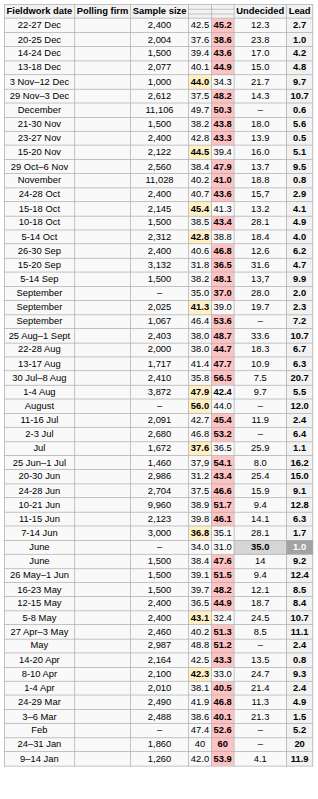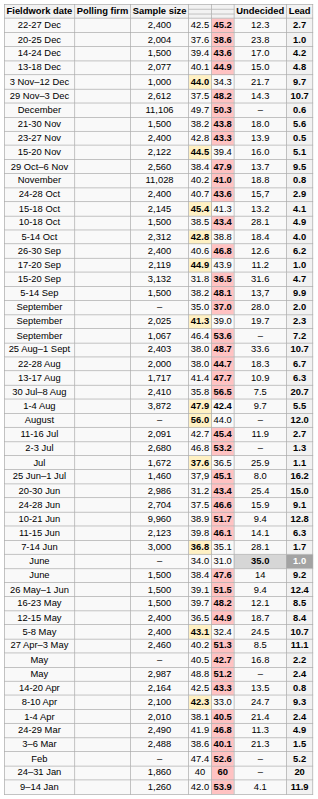 <table class="wikitable mw-datatable mw-collapsible mw-collapsed" style="text-align:center; font-size:85%; line-height:14px;">
 <tr>
 <th rowspan="3">Fieldwork date</th>
 <th rowspan="3">Polling firm</th>
 <th rowspan="3">Sample size</th>
 <th></th>
 <th></th>
 <th rowspan="3">Undecided</th>
 <th rowspan="3">Lead</th>
 </tr>
 <tr>
 <th></th>
 <th></th>
 </tr>
 <tr>
 <th style="background:"></th>
 <th style="background:"></th>
 </tr>
 <tr>
 <td>22-27 Dec</td>
 <td></td>
 <td>2,400</td>
 <td>42.5</td>
 <td style="background:#FFC2C2"><strong>45.2</strong></td>
 <td>12.3</td>
 <th style="background:">2.7</th>
 </tr>
 <tr>
 <td>20-25 Dec</td>
 <td></td>
 <td>2,004</td>
 <td>37.6</td>
 <td style="background:#FFC2C2"><strong>38.6</strong></td>
 <td>23.8</td>
 <th style="background:">1.0</th>
 </tr>
 <tr>
 <td>14-24 Dec</td>
 <td></td>
 <td>1,500</td>
 <td>39.4</td>
 <td style="background:#FFC2C2"><strong>43.6</strong></td>
 <td>17.0</td>
 <th style="background:">4.2</th>
 </tr>
 <tr>
 <td>13-18 Dec</td>
 <td></td>
 <td>2,077</td>
 <td>40.1</td>
 <td style="background:#FFC2C2"><strong>44.9</strong></td>
 <td>15.0</td>
 <th style="background:">4.8</th>
 </tr>
 <tr>
 <td>3 Nov–12 Dec</td>
 <td></td>
 <td>1,000</td>
 <td style="background:#FFF1C4"><strong>44.0</strong></td>
 <td>34.3</td>
 <td>21.7</td>
 <th style="background:">9.7</th>
 </tr>
 <tr>
 <td>29 Nov–3 Dec</td>
 <td></td>
 <td>2,612</td>
 <td>37.5</td>
 <td style="background:#FFC2C2"><strong>48.2</strong></td>
 <td>14.3</td>
 <th style="background:">10.7</th>
 </tr>
 <tr>
 <td>December</td>
 <td></td>
 <td>11,106</td>
 <td>49.7</td>
 <td style="background:#FFC2C2"><strong>50.3</strong></td>
 <td>–</td>
 <th style="background:">0.6</th>
 </tr>
 <tr>
 <td>21-30 Nov</td>
 <td></td>
 <td>1,500</td>
 <td>38.2</td>
 <td style="background:#FFC2C2"><strong>43.8</strong></td>
 <td>18.0</td>
 <th style="background:">5.6</th>
 </tr>
 <tr>
 <td>23-27 Nov</td>
 <td></td>
 <td>2,400</td>
 <td>42.8</td>
 <td style="background:#FFC2C2"><strong>43.3</strong></td>
 <td>13.9</td>
 <th style="background:">0.5</th>
 </tr>
 <tr>
 <td>15-20 Nov</td>
 <td></td>
 <td>2,122</td>
 <td style="background:#FFF1C4"><strong>44.5</strong></td>
 <td>39.4</td>
 <td>16.0</td>
 <th style="background:">5.1</th>
 </tr>
 <tr>
 <td>29 Oct–6 Nov</td>
 <td></td>
 <td>2,560</td>
 <td>38.4</td>
 <td style="background:#FFC2C2"><strong>47.9</strong></td>
 <td>13.7</td>
 <th style="background:">9.5</th>
 </tr>
 <tr>
 <td>November</td>
 <td></td>
 <td>11,028</td>
 <td>40.2</td>
 <td style="background:#FFC2C2"><strong>41.0</strong></td>
 <td>18.8</td>
 <th style="background:">0.8</th>
 </tr>
 <tr>
 <td>24-28 Oct</td>
 <td></td>
 <td>2,400</td>
 <td>40.7</td>
 <td style="background:#FFC2C2"><strong>43.6</strong></td>
 <td>15,7</td>
 <th style="background:">2.9</th>
 </tr>
 <tr>
 <td>15-18 Oct</td>
 <td></td>
 <td>2,145</td>
 <td style="background:#FFF1C4"><strong>45.4</strong></td>
 <td>41.3</td>
 <td>13.2</td>
 <th style="background:">4.1</th>
 </tr>
 <tr>
 <td>10-18 Oct</td>
 <td></td>
 <td>1,500</td>
 <td>38.5</td>
 <td style="background:#FFC2C2"><strong>43.4</strong></td>
 <td>28.1</td>
 <th style="background:">4.9</th>
 </tr>
 <tr>
 <td>5-14 Oct</td>
 <td></td>
 <td>2,312</td>
 <td style="background:#FFF1C4"><strong>42.8</strong></td>
 <td>38.8</td>
 <td>18.4</td>
 <th style="background:">4.0</th>
 </tr>
 <tr>
 <td>26-30 Sep</td>
 <td></td>
 <td>2,400</td>
 <td>40.6</td>
 <td style="background:#FFC2C2"><strong>46.8</strong></td>
 <td>12.6</td>
 <th style="background:">6.2</th>
 </tr>
 <tr>
+<td>17-20 Sep</td>
+<td></td>
+<td>2,119</td>
+<td style="background:#FFF1C4"><strong>44.9</strong></td>
+<td>43.9</td>
+<td>11.2</td>
+<th style="background:">1.0</th>
+</tr>
+<tr>
 <td>15-20 Sep</td>
 <td></td>
 <td>3,132</td>
 <td>31.8</td>
 <td style="background:#FFC2C2"><strong>36.5</strong></td>
 <td>31.6</td>
 <th style="background:">4.7</th>
 </tr>
 <tr>
 <td>5-14 Sep</td>
 <td></td>
 <td>1,500</td>
 <td>38.2</td>
 <td style="background:#FFC2C2"><strong>48.1</strong></td>
 <td>13,7</td>
 <th style="background:">9.9</th>
 </tr>
 <tr>
 <td>September</td>
 <td></td>
 <td>–</td>
 <td>35.0</td>
 <td style="background:#FFC2C2"><strong>37.0</strong></td>
 <td>28.0</td>
 <th style="background:">2.0</th>
 </tr>
 <tr>
 <td>September</td>
 <td></td>
 <td>2,025</td>
 <td style="background:#FFF1C4"><strong>41.3</strong></td>
 <td>39.0</td>
 <td>19.7</td>
 <th style="background:">2.3</th>
 </tr>
 <tr>
 <td>September</td>
 <td></td>
 <td>1,067</td>
 <td>46.4</td>
 <td style="background:#FFC2C2"><strong>53.6</strong></td>
 <td>–</td>
 <th style="background:">7.2</th>
 </tr>
 <tr>
 <td>25 Aug–1 Sept</td>
 <td></td>
 <td>2,403</td>
 <td>38.0</td>
 <td style="background:#FFC2C2"><strong>48.7</strong></td>
 <td>33.6</td>
 <th style="background:">10.7</th>
 </tr>
 <tr>
 <td>22-28 Aug</td>
 <td></td>
 <td>2,000</td>
 <td>38.0</td>
 <td style="background:#FFC2C2"><strong>44.7</strong></td>
 <td>18.3</td>
 <th style="background:">6.7</th>
 </tr>
 <tr>
 <td>13-17 Aug</td>
 <td></td>
 <td>1,717</td>
 <td>41.4</td>
 <td style="background:#FFC2C2"><strong>47.7</strong></td>
 <td>10.9</td>
 <th style="background:">6.3</th>
 </tr>
 <tr>
 <td>30 Jul–8 Aug</td>
 <td></td>
 <td>2,410</td>
 <td>35.8</td>
 <td style="background:#FFC2C2"><strong>56.5</strong></td>
 <td>7.5</td>
 <th style="background:">20.7</th>
 </tr>
 <tr>
 <td>1-4 Aug</td>
 <td></td>
 <td>3,872</td>
 <td style="background:#FFF1C4"><strong>47.9</strong></td>
 <td><strong>42.4</strong></td>
 <td>9.7</td>
 <th style="background:">5.5</th>
 </tr>
 <tr>
 <td>August</td>
 <td></td>
 <td>–</td>
 <td style="background:#FFF1C4"><strong>56.0</strong></td>
 <td>44.0</td>
 <td>–</td>
 <th style="background:">12.0</th>
 </tr>
 <tr>
 <td>11-16 Jul</td>
 <td></td>
 <td>2,091</td>
 <td>42.7</td>
 <td style="background:#FFC2C2"><strong>45.4</strong></td>
 <td>11.9</td>
-<th style="background:">2.4</th>
+<th style="background:">2.7</th>
 </tr>
 <tr>
 <td>2-3 Jul</td>
 <td></td>
 <td>2,680</td>
 <td>46.8</td>
 <td style="background:#FFC2C2"><strong>53.2</strong></td>
 <td>–</td>
-<th style="background:">6.4</th>
+<th style="background:">1.3</th>
 </tr>
 <tr>
 <td>Jul</td>
 <td></td>
 <td>1,672</td>
 <td style="background:#FFF1C4"><strong>37.6</strong></td>
 <td>36.5</td>
 <td>25.9</td>
 <th style="background:">1.1</th>
 </tr>
 <tr>
 <td>25 Jun–1 Jul</td>
 <td></td>
 <td>1,460</td>
 <td>37,9</td>
-<td style="background:#FFC2C2"><strong>54.1</strong></td>
+<td style="background:#FFC2C2"><strong>45.1</strong></td>
 <td>8.0</td>
 <th style="background:">16.2</th>
 </tr>
 <tr>
 <td>20-30 Jun</td>
 <td></td>
 <td>2,986</td>
 <td>31.2</td>
 <td style="background:#FFC2C2"><strong>43.4</strong></td>
 <td>25.4</td>
 <th style="background:">15.0</th>
 </tr>
 <tr>
 <td>24-28 Jun</td>
 <td></td>
 <td>2,704</td>
 <td>37.5</td>
 <td style="background:#FFC2C2"><strong>46.6</strong></td>
 <td>15.9</td>
 <th style="background:">9.1</th>
 </tr>
 <tr>
 <td>10-21 Jun</td>
 <td></td>
 <td>9,960</td>
 <td>38.9</td>
 <td style="background:#FFC2C2"><strong>51.7</strong></td>
 <td>9.4</td>
 <th style="background:">12.8</th>
 </tr>
 <tr>
 <td>11-15 Jun</td>
 <td></td>
 <td>2,123</td>
 <td>39.8</td>
 <td style="background:#FFC2C2"><strong>46.1</strong></td>
 <td>14.1</td>
 <th style="background:">6.3</th>
 </tr>
 <tr>
 <td>7-14 Jun</td>
 <td></td>
 <td>3,000</td>
 <td style="background:#FFF1C4"><strong>36.8</strong></td>
 <td>35.1</td>
 <td>28.1</td>
 <th style="background:">1.7</th>
 </tr>
 <tr>
 <td>June</td>
 <td></td>
 <td>–</td>
 <td>34.0</td>
 <td>31.0</td>
 <td style="background:#D6D6D6"><strong>35.0</strong></td>
 <th style="background:#A3A3A3; color:white;">1.0</th>
 </tr>
 <tr>
 <td>June</td>
 <td></td>
 <td>1,500</td>
 <td>38.4</td>
 <td style="background:#FFC2C2"><strong>47.6</strong></td>
 <td>14</td>
 <th style="background:">9.2</th>
 </tr>
 <tr>
 <td>26 May–1 Jun</td>
 <td></td>
 <td>1,500</td>
 <td>39.1</td>
 <td style="background:#FFC2C2"><strong>51.5</strong></td>
 <td>9.4</td>
 <th style="background:">12.4</th>
 </tr>
 <tr>
 <td>16-23 May</td>
 <td></td>
 <td>1,500</td>
 <td>39.7</td>
 <td style="background:#FFC2C2"><strong>48.2</strong></td>
 <td>12.1</td>
 <th style="background:">8.5</th>
 </tr>
 <tr>
 <td>12-15 May</td>
 <td></td>
 <td>2,400</td>
 <td>36.5</td>
 <td style="background:#FFC2C2"><strong>44.9</strong></td>
 <td>18.7</td>
 <th style="background:">8.4</th>
 </tr>
 <tr>
 <td>5-8 May</td>
 <td></td>
 <td>2,400</td>
 <td style="background:#FFF1C4"><strong>43.1</strong></td>
 <td>32.4</td>
 <td>24.5</td>
 <th style="background:">10.7</th>
 </tr>
 <tr>
 <td>27 Apr–3 May</td>
 <td></td>
 <td>2,460</td>
 <td>40.2</td>
 <td style="background:#FFC2C2"><strong>51.3</strong></td>
 <td>8.5</td>
 <th style="background:">11.1</th>
 </tr>
 <tr>
 <td>May</td>
 <td></td>
+<td>–</td>
+<td>40.5</td>
+<td style="background:#FFC2C2"><strong>42.7</strong></td>
+<td>16.8</td>
+<th style="background:">2.2</th>
+</tr>
+<tr>
+<td>May</td>
+<td></td>
 <td>2,987</td>
 <td>48.8</td>
 <td style="background:#FFC2C2"><strong>51.2</strong></td>
 <td>–</td>
 <th style="background:">2.4</th>
 </tr>
 <tr>
 <td>14-20 Apr</td>
 <td></td>
 <td>2,164</td>
 <td>42.5</td>
 <td style="background:#FFC2C2"><strong>43.3</strong></td>
 <td>13.5</td>
 <th style="background:">0.8</th>
 </tr>
 <tr>
 <td>8-10 Apr</td>
 <td></td>
 <td>2,100</td>
 <td style="background:#FFF1C4"><strong>42.3</strong></td>
 <td>33.0</td>
 <td>24.7</td>
 <th style="background:">9.3</th>
 </tr>
 <tr>
 <td>1-4 Apr</td>
 <td></td>
 <td>2,010</td>
 <td>38.1</td>
 <td style="background:#FFC2C2"><strong>40.5</strong></td>
 <td>21.4</td>
 <th style="background:">2.4</th>
 </tr>
 <tr>
 <td>24-29 Mar</td>
 <td></td>
 <td>2,490</td>
 <td>41.9</td>
 <td style="background:#FFC2C2"><strong>46.8</strong></td>
 <td>11.3</td>
 <th style="background:">4.9</th>
 </tr>
 <tr>
 <td>3–6 Mar</td>
 <td></td>
 <td>2,488</td>
 <td>38.6</td>
 <td style="background:#FFC2C2"><strong>40.1</strong></td>
 <td>21.3</td>
 <th style="background:">1.5</th>
 </tr>
 <tr>
 <td>Feb</td>
 <td></td>
 <td>–</td>
 <td>47.4</td>
 <td style="background:#FFC2C2"><strong>52.6</strong></td>
 <td>–</td>
 <th style="background:">5.2</th>
 </tr>
 <tr>
 <td>24–31 Jan</td>
 <td></td>
 <td>1,860</td>
 <td>40</td>
 <td style="background:#FFC2C2"><strong>60</strong></td>
 <td>–</td>
 <th style="background:">20</th>
 </tr>
 <tr>
 <td>9–14 Jan</td>
 <td></td>
 <td>1,260</td>
 <td>42.0</td>
 <td style="background:#FFC2C2"><strong>53.9</strong></td>
 <td>4.1</td>
 <th style="background:">11.9</th>
 </tr>
 </table>
